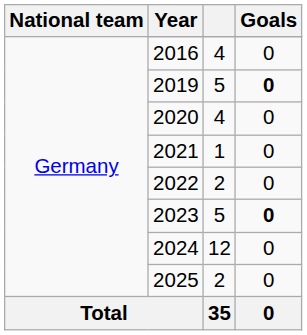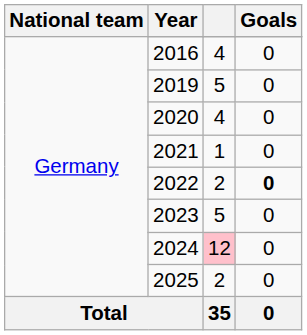 <table class="wikitable" style="text-align: center">
 <tr>
 <th>National team</th>
 <th>Year</th>
 <th></th>
 <th>Goals</th>
 </tr>
 <tr>
 <td rowspan="9"><a href='#'>Germany</a></td>
 </tr>
 <tr>
 <td>2016</td>
 <td>4</td>
 <td>0</td>
 </tr>
 <tr>
 <td>2019</td>
 <td>5</td>
-<td><strong>0</strong></td>
+<td>0</td>
 </tr>
 <tr>
 <td>2020</td>
 <td>4</td>
 <td>0</td>
 </tr>
 <tr>
 <td>2021</td>
 <td>1</td>
 <td>0</td>
 </tr>
 <tr>
 <td>2022</td>
 <td>2</td>
-<td>0</td>
+<td><strong>0</strong></td>
 </tr>
 <tr>
 <td>2023</td>
 <td>5</td>
-<td><strong>0</strong></td>
+<td>0</td>
 </tr>
 <tr>
 <td>2024</td>
-<td>12</td>
+<td style="background: pink;">12</td>
 <td>0</td>
 </tr>
 <tr>
 <td>2025</td>
 <td>2</td>
 <td>0</td>
 </tr>
 <tr>
 <th colspan="2">Total</th>
 <th>35</th>
 <th>0</th>
 </tr>
 </table>
